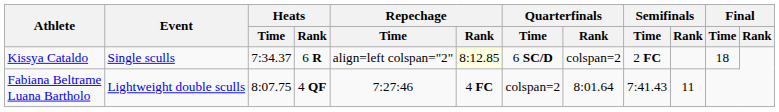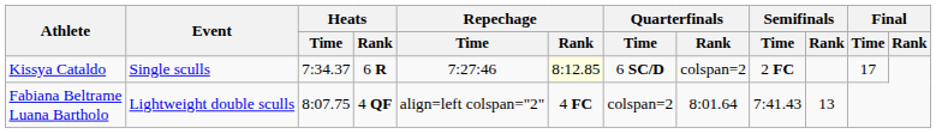 <table class="wikitable" style="font-size:90%">
 <tr>
 <th rowspan="2">Athlete</th>
 <th rowspan="2">Event</th>
 <th colspan="2">Heats</th>
 <th colspan="2">Repechage</th>
 <th colspan=2>Quarterfinals</th>
 <th colspan="2">Semifinals</th>
 <th colspan="2">Final</th>
 </tr>
 <tr style="font-size:95%">
 <th>Time</th>
 <th>Rank</th>
 <th>Time</th>
 <th>Rank</th>
 <th>Time</th>
 <th>Rank</th>
 <th>Time</th>
 <th>Rank</th>
 <th>Time</th>
 <th>Rank</th>
 </tr>
 <tr align=center>
 <td align=left><a href='#'>Kissya Cataldo</a></td>
 <td align=left><a href='#'>Single sculls</a></td>
 <td>7:34.37</td>
 <td>6 <strong>R</strong></td>
-<td>align=left colspan="2" </td>
+<td>7:27:46</td>
 <td style="background: lightyellow;">8:12.85</td>
 <td>6 <strong>SC/D</strong></td>
 <td>colspan=2 </td>
 <td>2 <strong>FC</strong></td>
 <td></td>
-<td>18</td>
+<td>17</td>
 </tr>
 <tr align=center>
 <td align=left><a href='#'>Fabiana Beltrame</a><br><a href='#'>Luana Bartholo</a></td>
 <td align=left><a href='#'>Lightweight double sculls</a></td>
 <td>8:07.75</td>
 <td>4 <strong>QF</strong></td>
-<td>7:27:46</td>
+<td>align=left colspan="2" </td>
 <td>4 <strong>FC</strong></td>
 <td>colspan=2 </td>
 <td>8:01.64</td>
 <td>7:41.43</td>
-<td>11</td>
+<td>13</td>
 </tr>
 </table>
